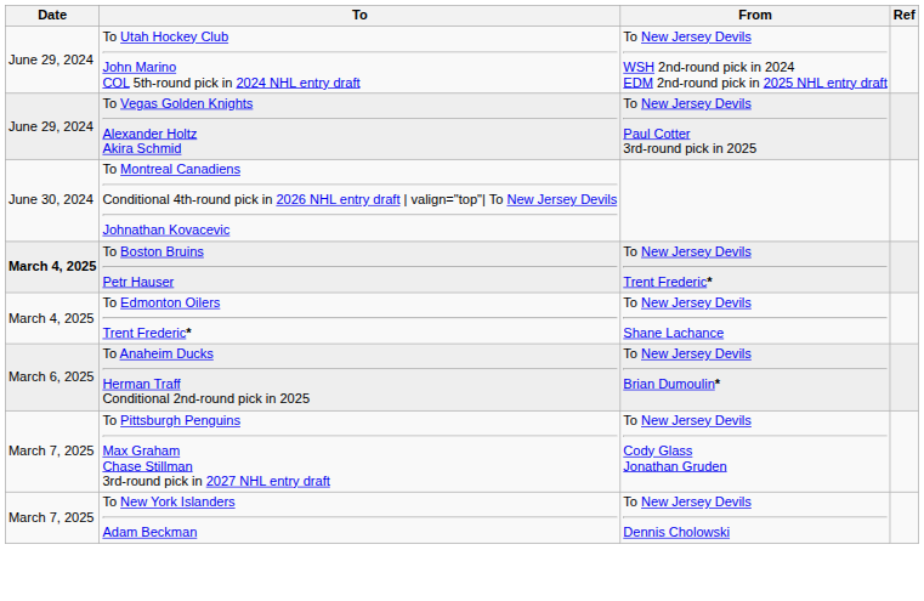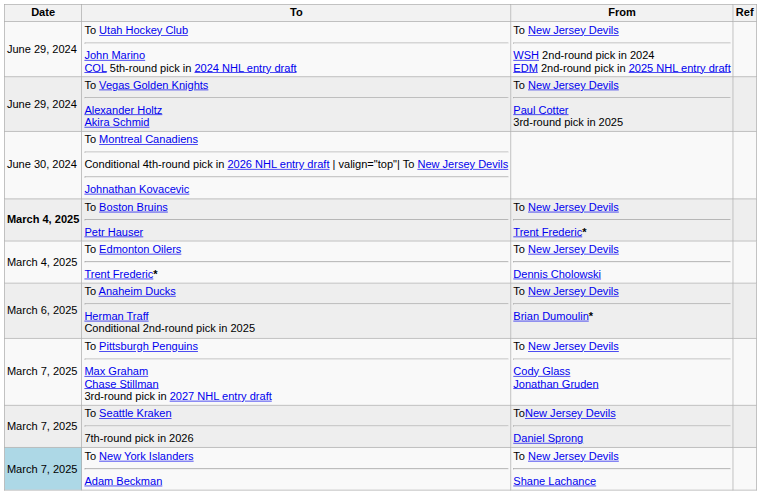 <table class="wikitable">
 <tr>
 <th>Date</th>
 <th>To</th>
 <th>From</th>
 <th>Ref</th>
 </tr>
 <tr>
 <td>June 29, 2024</td>
 <td valign="top">To <a href='#'>Utah Hockey Club</a><hr><a href='#'>John Marino</a><br><a href='#'>COL</a> 5th-round pick in <a href='#'>2024 NHL entry draft</a></td>
 <td valign="top">To <a href='#'>New Jersey Devils</a><hr><a href='#'>WSH</a> 2nd-round pick in 2024<br><a href='#'>EDM</a> 2nd-round pick in <a href='#'>2025 NHL entry draft</a></td>
 <td></td>
 </tr>
 <tr bgcolor="eeeeee">
 <td>June 29, 2024</td>
 <td valign="top">To <a href='#'>Vegas Golden Knights</a><hr><a href='#'>Alexander Holtz</a><br><a href='#'>Akira Schmid</a></td>
 <td valign="top">To <a href='#'>New Jersey Devils</a><hr><a href='#'>Paul Cotter</a><br>3rd-round pick in 2025</td>
 <td></td>
 </tr>
 <tr>
 <td>June 30, 2024</td>
 <td valign="top">To <a href='#'>Montreal Canadiens</a><hr>Conditional 4th-round pick in <a href='#'>2026 NHL entry draft</a> | valign="top"| To <a href='#'>New Jersey Devils</a><hr><a href='#'>Johnathan Kovacevic</a></td>
 <td></td>
 </tr>
 <tr bgcolor="eeeeee">
 <td><strong>March 4, 2025</strong></td>
 <td valign="top">To <a href='#'>Boston Bruins</a><hr><a href='#'>Petr Hauser</a></td>
 <td valign="top">To <a href='#'>New Jersey Devils</a><hr><a href='#'>Trent Frederic</a><span><strong>*</strong></span></td>
 <td></td>
 </tr>
 <tr>
 <td>March 4, 2025</td>
 <td valign="top">To <a href='#'>Edmonton Oilers</a><hr><a href='#'>Trent Frederic</a><span><strong>*</strong></span></td>
-<td valign="top">To <a href='#'>New Jersey Devils</a><hr><a href='#'>Shane Lachance</a></td>
+<td valign="top">To <a href='#'>New Jersey Devils</a><hr><a href='#'>Dennis Cholowski</a></td>
 <td></td>
 </tr>
 <tr bgcolor="eeeeee">
 <td>March 6, 2025</td>
 <td valign="top">To <a href='#'>Anaheim Ducks</a><hr><a href='#'>Herman Traff</a><br>Conditional 2nd-round pick in 2025</td>
 <td valign="top">To <a href='#'>New Jersey Devils</a><hr><a href='#'>Brian Dumoulin</a><span><strong>*</strong></span></td>
 <td></td>
 </tr>
 <tr>
 <td>March 7, 2025</td>
 <td valign="top">To <a href='#'>Pittsburgh Penguins</a><hr><a href='#'>Max Graham</a><br><a href='#'>Chase Stillman</a><br>3rd-round pick in <a href='#'>2027 NHL entry draft</a></td>
 <td valign="top">To <a href='#'>New Jersey Devils</a><hr><a href='#'>Cody Glass</a><br><a href='#'>Jonathan Gruden</a></td>
 <td></td>
 </tr>
+<tr bgcolor="eeeeee">
+<td>March 7, 2025</td>
+<td valign="top">To <a href='#'>Seattle Kraken</a><hr>7th-round pick in 2026</td>
+<td valign="top">To<a href='#'>New Jersey Devils</a><hr><a href='#'>Daniel Sprong</a></td>
+<td></td>
+</tr>
 <tr>
-<td>March 7, 2025</td>
+<td style="background: lightblue;">March 7, 2025</td>
 <td valign="top">To <a href='#'>New York Islanders</a><hr><a href='#'>Adam Beckman</a></td>
-<td valign="top">To <a href='#'>New Jersey Devils</a><hr><a href='#'>Dennis Cholowski</a></td>
+<td valign="top">To <a href='#'>New Jersey Devils</a><hr><a href='#'>Shane Lachance</a></td>
 <td></td>
 </tr>
 </table>
